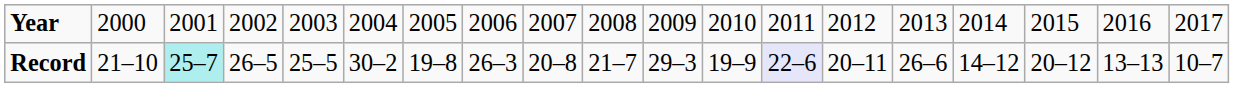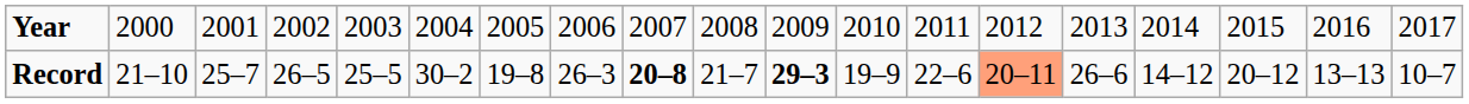 <table class="wikitable">
 <tr>
 <td><strong>Year</strong></td>
 <td>2000</td>
 <td>2001</td>
 <td>2002</td>
 <td>2003</td>
 <td>2004</td>
 <td>2005</td>
 <td>2006</td>
 <td>2007</td>
 <td>2008</td>
 <td>2009</td>
 <td>2010</td>
 <td>2011</td>
 <td>2012</td>
 <td>2013</td>
 <td>2014</td>
 <td>2015</td>
 <td>2016</td>
 <td>2017</td>
 </tr>
 <tr>
 <td><strong>Record</strong></td>
 <td>21–10</td>
-<td style="background: paleturquoise;">25–7</td>
+<td>25–7</td>
 <td>26–5</td>
 <td>25–5</td>
 <td>30–2</td>
 <td>19–8</td>
 <td>26–3</td>
-<td>20–8</td>
+<td><strong>20–8</strong></td>
 <td>21–7</td>
-<td>29–3</td>
+<td><strong>29–3</strong></td>
 <td>19–9</td>
-<td style="background: lavender;">22–6</td>
-<td>20–11</td>
+<td>22–6</td>
+<td style="background: lightsalmon;">20–11</td>
 <td>26–6</td>
 <td>14–12</td>
 <td>20–12</td>
 <td>13–13</td>
 <td>10–7</td>
 </tr>
 </table>
